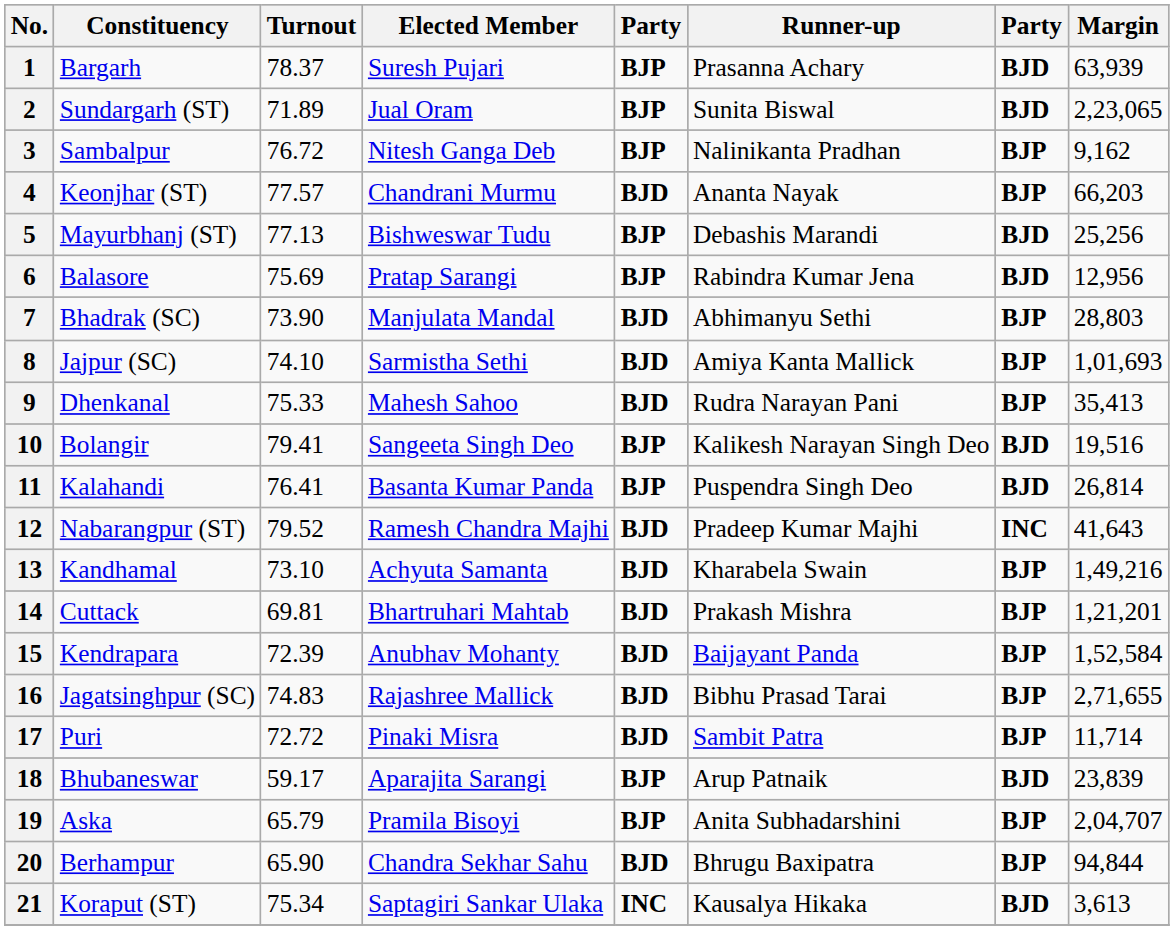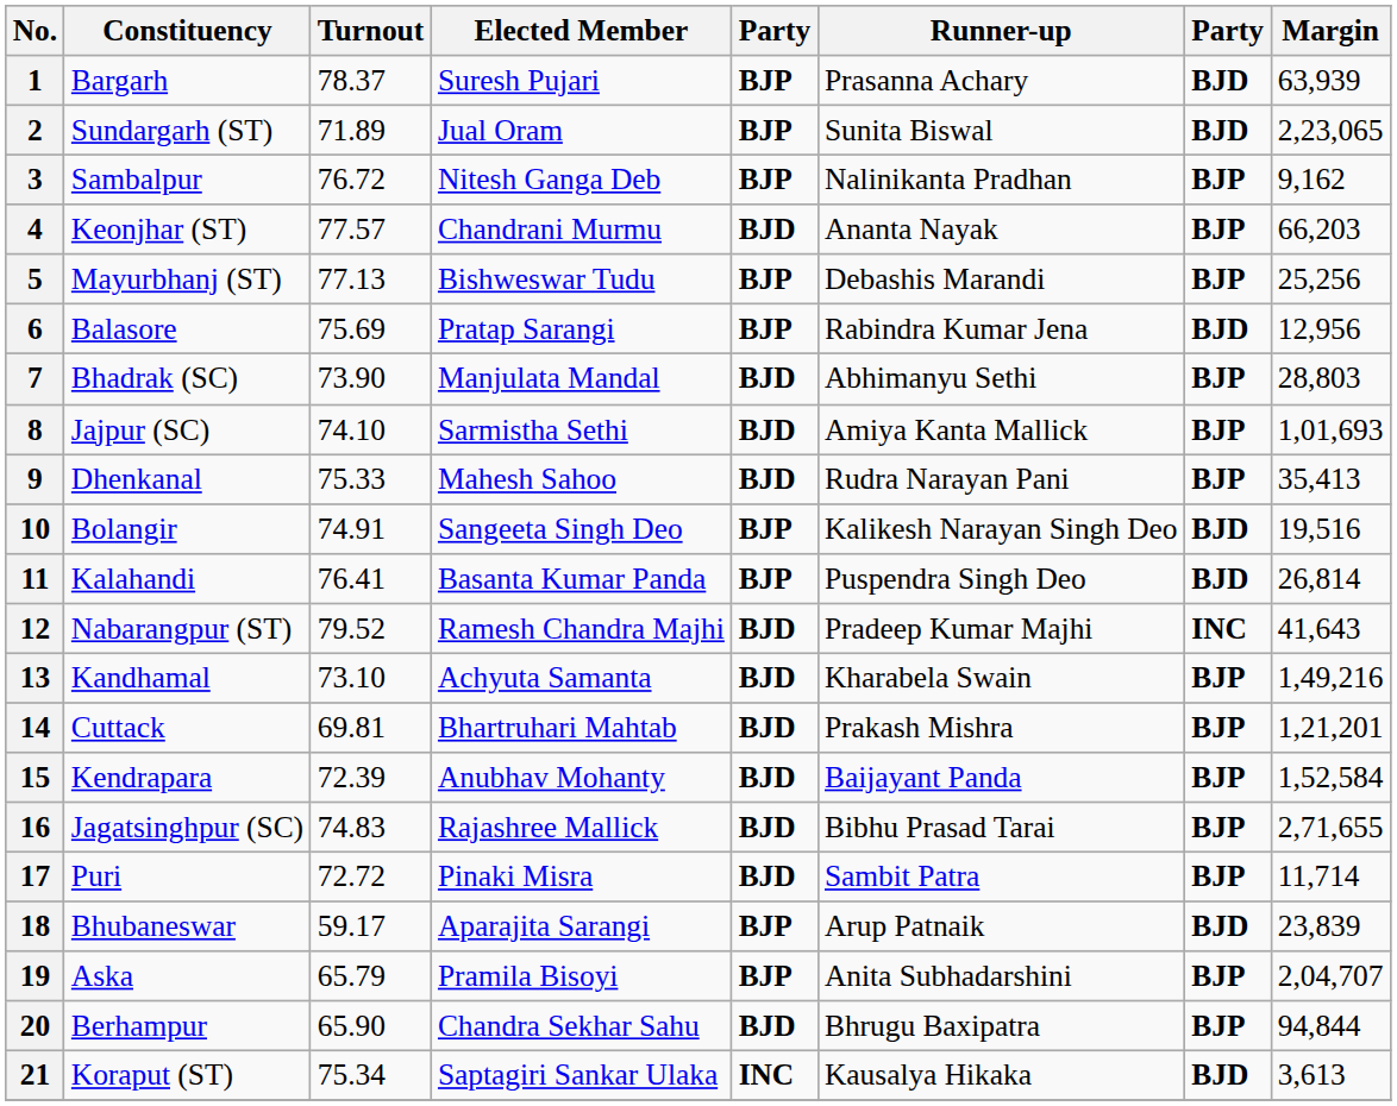 <table class="sortable wikitable" style="font-size: 95%;">
 <tr>
 <th>No.</th>
 <th>Constituency</th>
 <th>Turnout<strong></strong></th>
 <th>Elected Member</th>
 <th>Party</th>
 <th>Runner-up</th>
 <th>Party</th>
 <th>Margin</th>
 </tr>
 <tr>
 <th>1</th>
 <td><a href='#'>Bargarh</a></td>
 <td>78.37 </td>
 <td><a href='#'>Suresh Pujari</a></td>
 <td><span><strong>BJP</strong></span></td>
 <td>Prasanna Achary</td>
 <td><span><strong>BJD</strong></span></td>
 <td>63,939</td>
 </tr>
 <tr>
 <th>2</th>
 <td><a href='#'>Sundargarh</a> (ST)</td>
 <td>71.89 </td>
 <td><a href='#'>Jual Oram</a></td>
 <td><span><strong>BJP</strong></span></td>
 <td>Sunita Biswal</td>
 <td><span><strong>BJD</strong></span></td>
 <td>2,23,065</td>
 </tr>
 <tr>
 <th>3</th>
 <td><a href='#'>Sambalpur</a></td>
 <td>76.72 </td>
 <td><a href='#'>Nitesh Ganga Deb</a></td>
 <td><span><strong>BJP</strong></span></td>
 <td>Nalinikanta Pradhan</td>
 <td><span><strong>BJP</strong></span></td>
 <td>9,162</td>
 </tr>
 <tr>
 <th>4</th>
 <td><a href='#'>Keonjhar</a> (ST)</td>
 <td>77.57 </td>
 <td><a href='#'>Chandrani Murmu</a></td>
 <td><span><strong>BJD</strong></span></td>
 <td>Ananta Nayak</td>
 <td><span><strong>BJP</strong></span></td>
 <td>66,203</td>
 </tr>
 <tr>
 <th>5</th>
 <td><a href='#'>Mayurbhanj</a> (ST)</td>
 <td>77.13 </td>
 <td><a href='#'>Bishweswar Tudu</a></td>
 <td><span><strong>BJP</strong></span></td>
 <td>Debashis Marandi</td>
-<td><span><strong>BJD</strong></span></td>
+<td><span><strong>BJP</strong></span></td>
 <td>25,256</td>
 </tr>
 <tr>
 <th>6</th>
 <td><a href='#'>Balasore</a></td>
 <td>75.69 </td>
 <td><a href='#'>Pratap Sarangi</a></td>
 <td><span><strong>BJP</strong></span></td>
 <td>Rabindra Kumar Jena</td>
 <td><span><strong>BJD</strong></span></td>
 <td>12,956</td>
 </tr>
 <tr>
 <th>7</th>
 <td><a href='#'>Bhadrak</a> (SC)</td>
 <td>73.90 </td>
 <td><a href='#'>Manjulata Mandal</a></td>
 <td><span><strong>BJD</strong></span></td>
 <td>Abhimanyu Sethi</td>
 <td><span><strong>BJP</strong></span></td>
 <td>28,803</td>
 </tr>
 <tr>
 <th>8</th>
 <td><a href='#'>Jajpur</a> (SC)</td>
 <td>74.10 </td>
 <td><a href='#'>Sarmistha Sethi</a></td>
 <td><span><strong>BJD</strong></span></td>
 <td>Amiya Kanta Mallick</td>
 <td><span><strong>BJP</strong></span></td>
 <td>1,01,693</td>
 </tr>
 <tr>
 <th>9</th>
 <td><a href='#'>Dhenkanal</a></td>
 <td>75.33 </td>
 <td><a href='#'>Mahesh Sahoo</a></td>
 <td><span><strong>BJD</strong></span></td>
 <td>Rudra Narayan Pani</td>
 <td><span><strong>BJP</strong></span></td>
 <td>35,413</td>
 </tr>
 <tr>
 <th>10</th>
 <td><a href='#'>Bolangir</a></td>
-<td>79.41 </td>
+<td>74.91 </td>
 <td><a href='#'>Sangeeta Singh Deo</a></td>
 <td><span><strong>BJP</strong></span></td>
 <td>Kalikesh Narayan Singh Deo</td>
 <td><span><strong>BJD</strong></span></td>
 <td>19,516</td>
 </tr>
 <tr>
 <th>11</th>
 <td><a href='#'>Kalahandi</a></td>
 <td>76.41 </td>
 <td><a href='#'>Basanta Kumar Panda</a></td>
 <td><span><strong>BJP</strong></span></td>
 <td>Puspendra Singh Deo</td>
 <td><span><strong>BJD</strong></span></td>
 <td>26,814</td>
 </tr>
 <tr>
 <th>12</th>
 <td><a href='#'>Nabarangpur</a> (ST)</td>
 <td>79.52 </td>
 <td><a href='#'>Ramesh Chandra Majhi</a></td>
 <td><span><strong>BJD</strong></span></td>
 <td>Pradeep Kumar Majhi</td>
 <td><span><strong>INC</strong></span></td>
 <td>41,643</td>
 </tr>
 <tr>
 <th>13</th>
 <td><a href='#'>Kandhamal</a></td>
 <td>73.10 </td>
 <td><a href='#'>Achyuta Samanta</a></td>
 <td><span><strong>BJD</strong></span></td>
 <td>Kharabela Swain</td>
 <td><span><strong>BJP</strong></span></td>
 <td>1,49,216</td>
 </tr>
 <tr>
 <th>14</th>
 <td><a href='#'>Cuttack</a></td>
 <td>69.81 </td>
 <td><a href='#'>Bhartruhari Mahtab</a></td>
 <td><span><strong>BJD</strong></span></td>
 <td>Prakash Mishra</td>
 <td><span><strong>BJP</strong></span></td>
 <td>1,21,201</td>
 </tr>
 <tr>
 <th>15</th>
 <td><a href='#'>Kendrapara</a></td>
 <td>72.39 </td>
 <td><a href='#'>Anubhav Mohanty</a></td>
 <td><span><strong>BJD</strong></span></td>
 <td><a href='#'>Baijayant Panda</a></td>
 <td><span><strong>BJP</strong></span></td>
 <td>1,52,584</td>
 </tr>
 <tr>
 <th>16</th>
 <td><a href='#'>Jagatsinghpur</a> (SC)</td>
 <td>74.83 </td>
 <td><a href='#'>Rajashree Mallick</a></td>
 <td><span><strong>BJD</strong></span></td>
 <td>Bibhu Prasad Tarai</td>
 <td><span><strong>BJP</strong></span></td>
 <td>2,71,655</td>
 </tr>
 <tr>
 <th>17</th>
 <td><a href='#'>Puri</a></td>
 <td>72.72 </td>
 <td><a href='#'>Pinaki Misra</a></td>
 <td><span><strong>BJD</strong></span></td>
 <td><a href='#'>Sambit Patra</a></td>
 <td><span><strong>BJP</strong></span></td>
 <td>11,714</td>
 </tr>
 <tr>
 <th>18</th>
 <td><a href='#'>Bhubaneswar</a></td>
 <td>59.17 </td>
 <td><a href='#'>Aparajita Sarangi</a></td>
 <td><span><strong>BJP</strong></span></td>
 <td>Arup Patnaik</td>
 <td><span><strong>BJD</strong></span></td>
 <td>23,839</td>
 </tr>
 <tr>
 <th>19</th>
 <td><a href='#'>Aska</a></td>
 <td>65.79 </td>
 <td><a href='#'>Pramila Bisoyi</a></td>
 <td><span><strong>BJP</strong></span></td>
 <td>Anita Subhadarshini</td>
 <td><span><strong>BJP</strong></span></td>
 <td>2,04,707</td>
 </tr>
 <tr>
 <th>20</th>
 <td><a href='#'>Berhampur</a></td>
 <td>65.90 </td>
 <td><a href='#'>Chandra Sekhar Sahu</a></td>
 <td><span><strong>BJD</strong></span></td>
 <td>Bhrugu Baxipatra</td>
 <td><span><strong>BJP</strong></span></td>
 <td>94,844</td>
 </tr>
 <tr>
 <th>21</th>
 <td><a href='#'>Koraput</a> (ST)</td>
 <td>75.34 </td>
 <td><a href='#'>Saptagiri Sankar Ulaka</a></td>
 <td><span><strong>INC</strong></span></td>
 <td>Kausalya Hikaka</td>
 <td><span><strong>BJD</strong></span></td>
 <td>3,613</td>
 </tr>
 <tr>
 </tr>
 </table>
